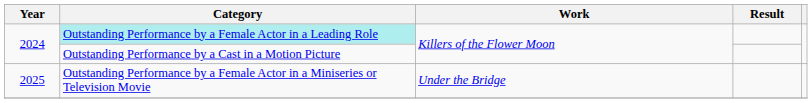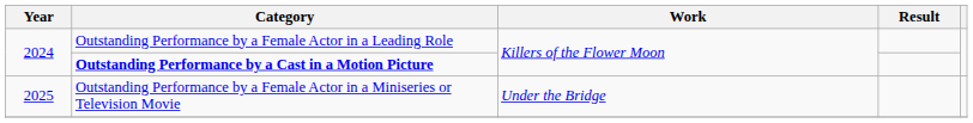 <table class="wikitable">
 <tr>
 <th scope="col" style="width:4em;">Year</th>
 <th scope="col" style="width:28em;">Category</th>
 <th scope="col" style="width:25em;">Work</th>
 <th scope="col" style="width:5em;">Result</th>
 <th></th>
 </tr>
 <tr>
 <td rowspan="2" style="text-align:center;"><a href='#'>2024</a></td>
-<td style="background: paleturquoise;"><a href='#'>Outstanding Performance by a Female Actor in a Leading Role</a></td>
+<td><a href='#'>Outstanding Performance by a Female Actor in a Leading Role</a></td>
 <td rowspan="2"><em><a href='#'>Killers of the Flower Moon</a></em></td>
 <td></td>
 <td rowspan="2" align="center"><br></td>
 </tr>
 <tr>
-<td><a href='#'>Outstanding Performance by a Cast in a Motion Picture</a></td>
+<td><strong><a href='#'>Outstanding Performance by a Cast in a Motion Picture</a></strong></td>
 <td></td>
 </tr>
 <tr>
 <td style="text-align:center;"><a href='#'>2025</a></td>
 <td><a href='#'>Outstanding Performance by a Female Actor in a Miniseries or Television Movie</a></td>
 <td><em><a href='#'>Under the Bridge</a></em></td>
 <td></td>
 <td align="center"></td>
 </tr>
 <tr>
 </tr>
 </table>
